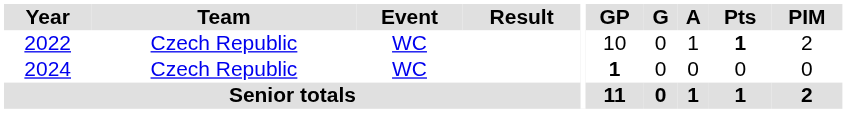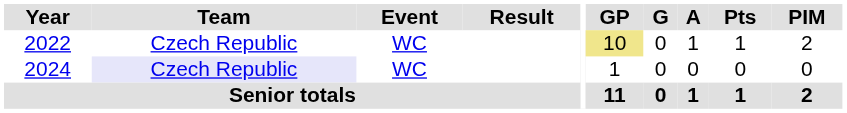 <table border="0" cellpadding="1" cellspacing="0" ID="Table3" style="text-align:center; width:40em;">
 <tr bgcolor="#e0e0e0">
 <th>Year</th>
 <th>Team</th>
 <th>Event</th>
 <th>Result</th>
 <th rowspan="99" bgcolor="#ffffff"></th>
 <th>GP</th>
 <th>G</th>
 <th>A</th>
 <th>Pts</th>
 <th>PIM</th>
 </tr>
 <tr>
 <td><a href='#'>2022</a></td>
 <td><a href='#'>Czech Republic</a></td>
 <td><a href='#'>WC</a></td>
 <td></td>
-<td>10</td>
+<td style="background: khaki;">10</td>
 <td>0</td>
 <td>1</td>
-<td><strong>1</strong></td>
+<td>1</td>
 <td>2</td>
 </tr>
 <tr>
 <td><a href='#'>2024</a></td>
-<td><a href='#'>Czech Republic</a></td>
+<td style="background: lavender;"><a href='#'>Czech Republic</a></td>
 <td><a href='#'>WC</a></td>
 <td></td>
-<td><strong>1</strong></td>
+<td>1</td>
 <td>0</td>
 <td>0</td>
 <td>0</td>
 <td>0</td>
 </tr>
 <tr bgcolor="#e0e0e0">
 <th colspan="4">Senior totals</th>
 <th>11</th>
 <th>0</th>
 <th>1</th>
 <th>1</th>
 <th>2</th>
 </tr>
 </table>
